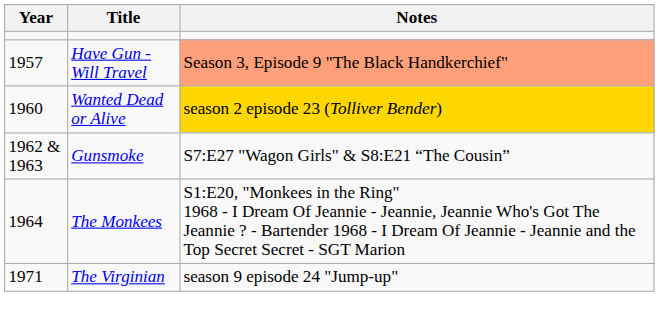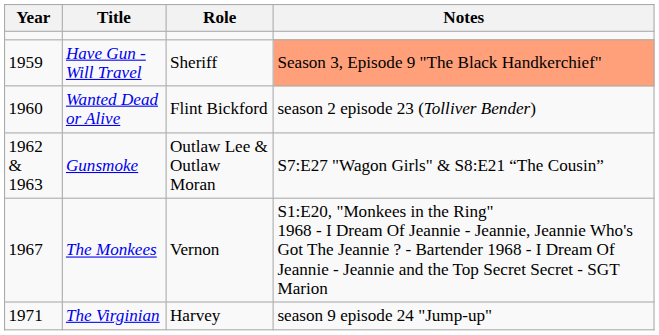 <table class="wikitable plainrowheaders sortable">
 <tr>
 <th scope="col">Year</th>
 <th scope="col">Title</th>
+<th scope="col">Role</th>
 <th scope="col" class="unsortable">Notes</th>
 </tr>
 <tr>
 <td></td>
 <td></td>
 <td></td>
+<td></td>
 </tr>
 <tr>
-<td>1957</td>
+<td>1959</td>
 <td><em><a href='#'>Have Gun - Will Travel</a></em></td>
+<td>Sheriff</td>
 <td style="background: lightsalmon;">Season 3, Episode 9 "The Black Handkerchief"</td>
 </tr>
 <tr>
 <td>1960</td>
 <td><em><a href='#'>Wanted Dead or Alive</a></em></td>
-<td style="background: gold;">season 2 episode 23 (<em>Tolliver Bender</em>)</td>
+<td>Flint Bickford</td>
+<td>season 2 episode 23 (<em>Tolliver Bender</em>)</td>
 </tr>
 <tr>
 <td>1962 & 1963</td>
 <td><em><a href='#'>Gunsmoke</a></em></td>
+<td>Outlaw Lee & Outlaw Moran</td>
 <td>S7:E27 "Wagon Girls" & S8:E21 “The Cousin”</td>
 </tr>
 <tr>
-<td>1964</td>
+<td>1967</td>
 <td><em><a href='#'>The Monkees</a></em></td>
+<td>Vernon</td>
 <td>S1:E20, "Monkees in the Ring"<br>1968 - I Dream Of Jeannie - Jeannie, Jeannie Who's Got The Jeannie ? - Bartender 1968 - I Dream Of Jeannie - Jeannie and the Top Secret Secret - SGT Marion</td>
 </tr>
 <tr>
 <td>1971</td>
 <td><em><a href='#'> The Virginian</a></em></td>
+<td>Harvey</td>
 <td>season 9 episode 24 "Jump-up"</td>
 </tr>
 </table>
